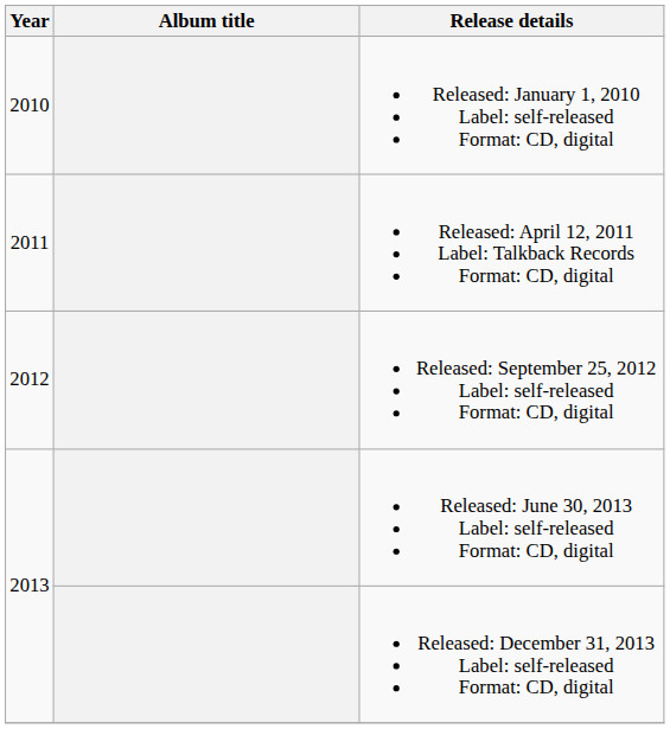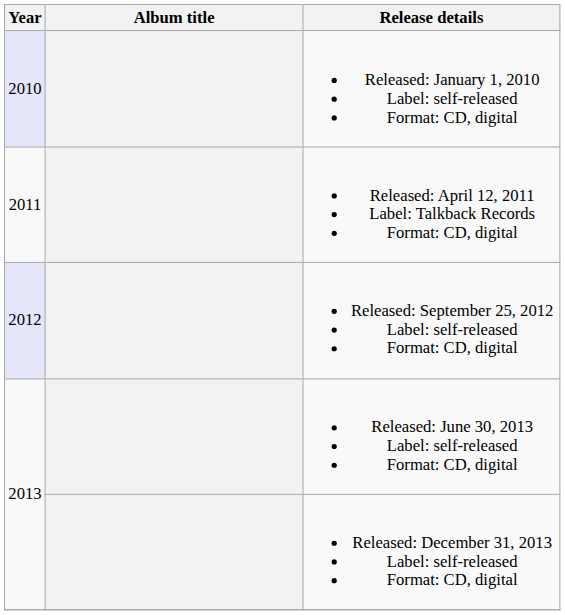 <table class="wikitable plainrowheaders" style="text-align:center;">
 <tr>
 <th>Year</th>
 <th scope="col" rowspan="1" style="width:15em;">Album title</th>
 <th scope="col" rowspan="1" style="width:15em;">Release details</th>
 </tr>
 <tr>
-<td>2010</td>
+<td style="background: lavender;">2010</td>
 <th></th>
 <td><br><ul><li>Released: January 1, 2010</li><li>Label: self-released</li><li>Format: CD, digital</li></ul></td>
 </tr>
 <tr>
 <td>2011</td>
 <th></th>
 <td><br><ul><li>Released: April 12, 2011</li><li>Label: Talkback Records</li><li>Format: CD, digital</li></ul></td>
 </tr>
 <tr>
-<td>2012</td>
+<td style="background: lavender;">2012</td>
 <th></th>
 <td><br><ul><li>Released: September 25, 2012</li><li>Label: self-released</li><li>Format: CD, digital</li></ul></td>
 </tr>
 <tr>
 <td rowspan="2">2013</td>
 <th></th>
 <td><br><ul><li>Released: June 30, 2013</li><li>Label: self-released</li><li>Format: CD, digital</li></ul></td>
 </tr>
 <tr>
 <th></th>
 <td><br><ul><li>Released: December 31, 2013</li><li>Label: self-released</li><li>Format: CD, digital</li></ul></td>
 </tr>
 <tr>
 </tr>
 </table>
